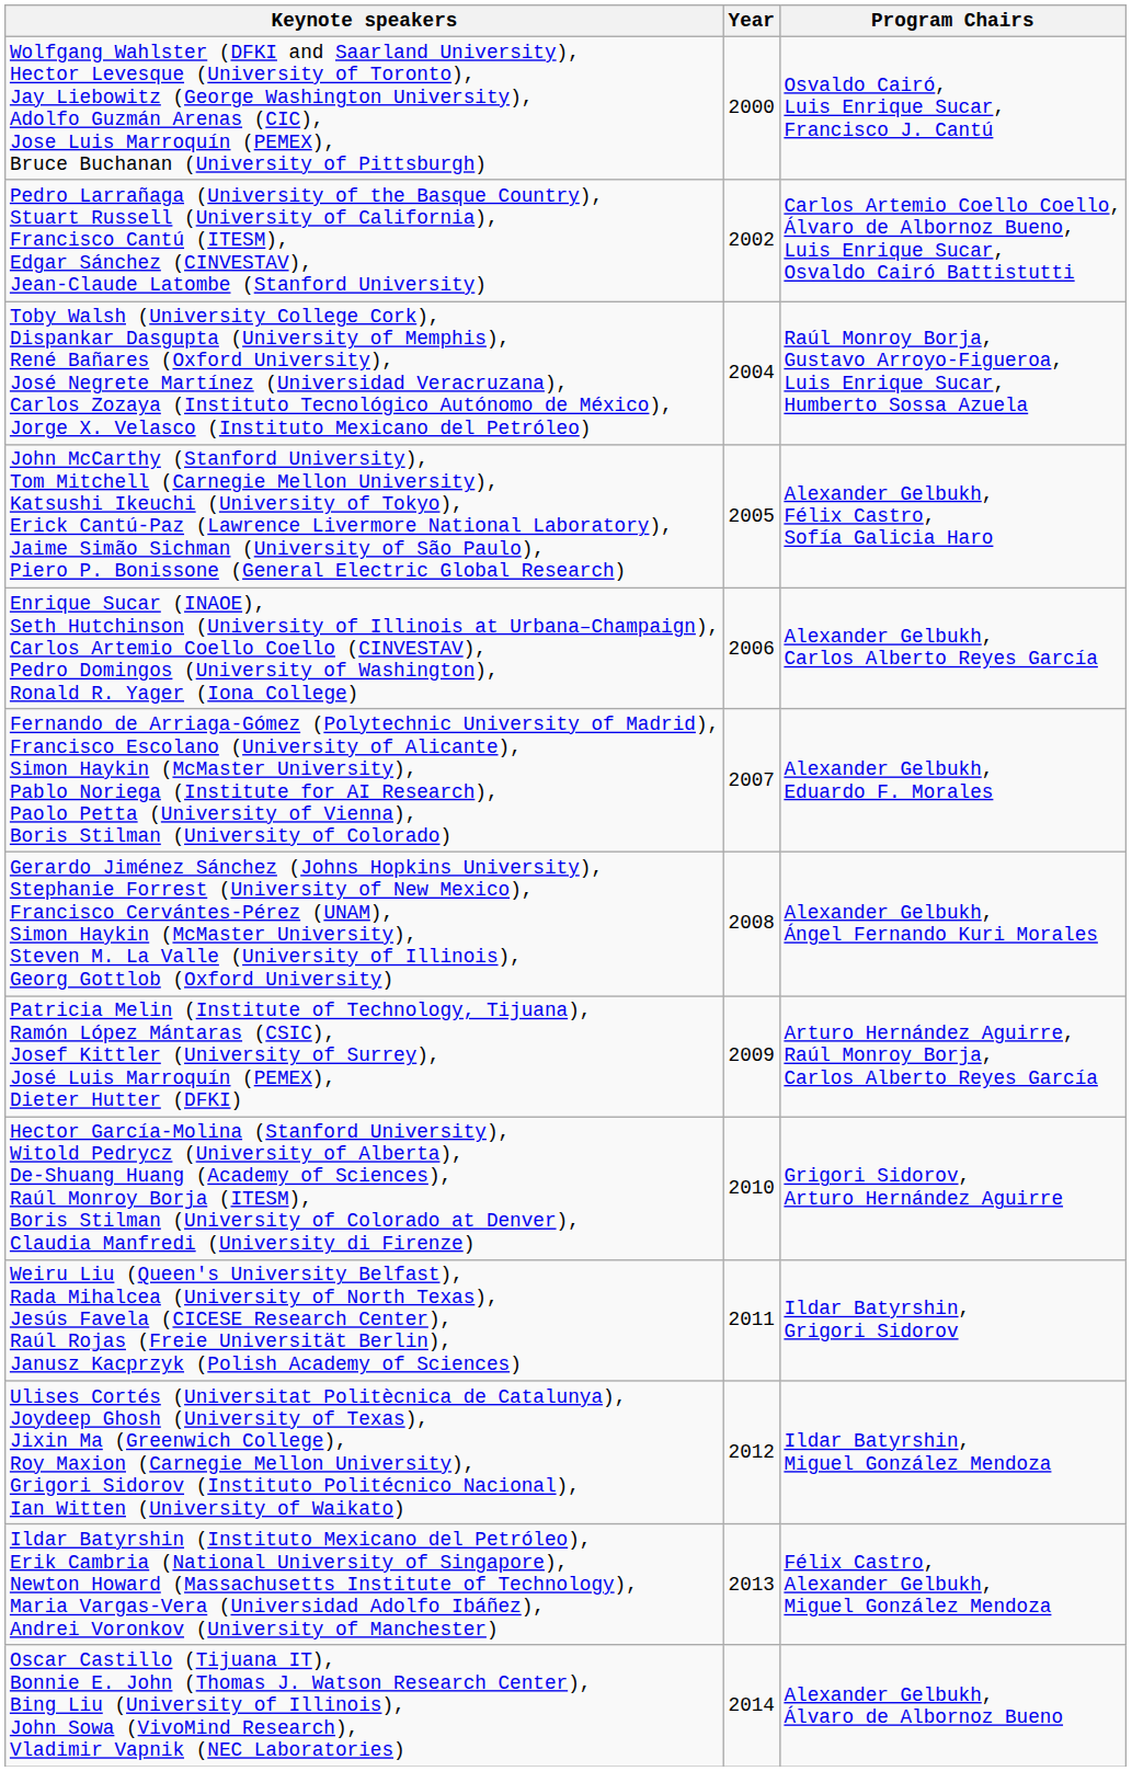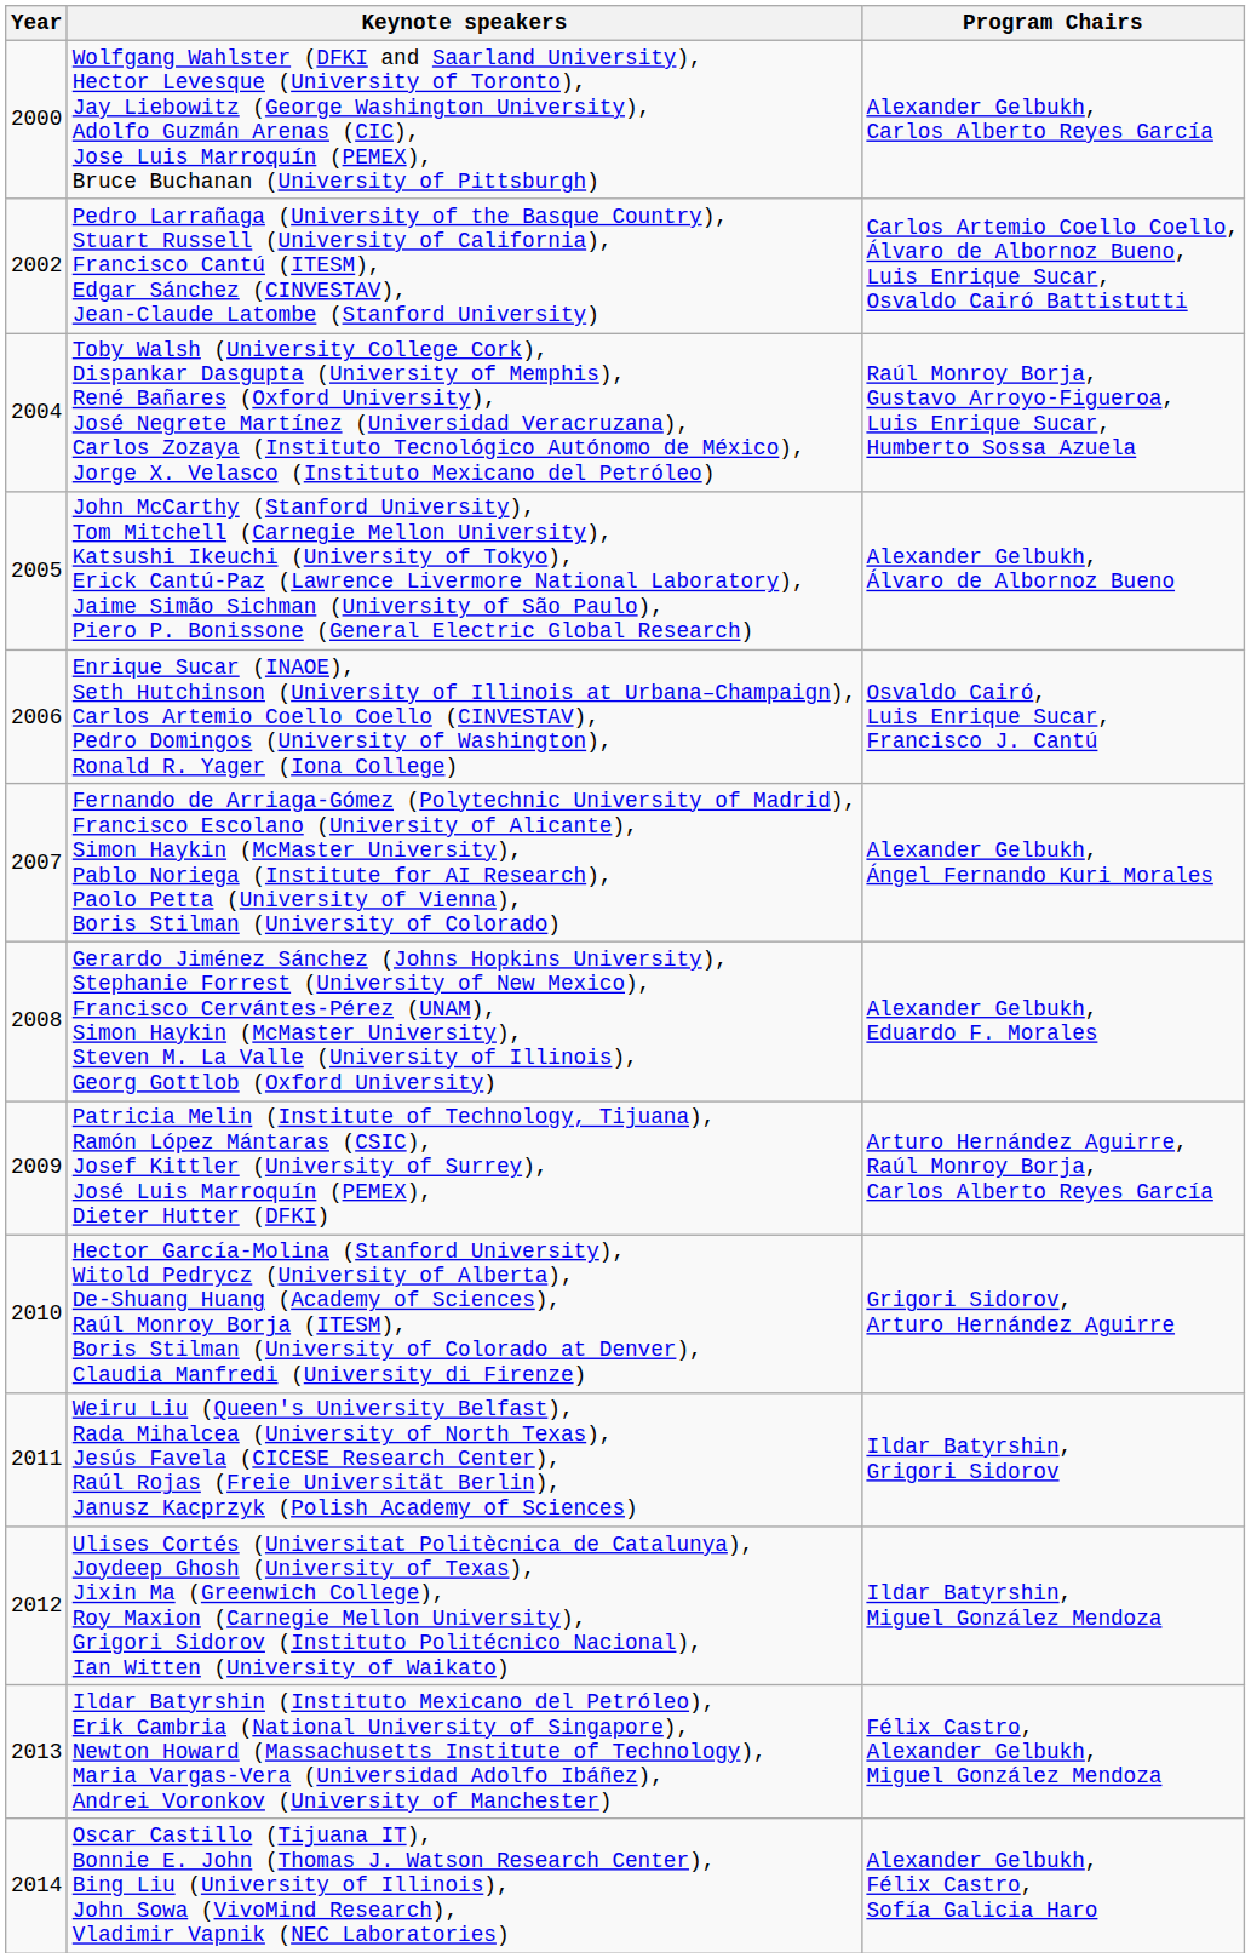 <table class="wikitable">
 <tr>
+<th>Year</th>
 <th>Keynote speakers</th>
-<th>Year</th>
 <th>Program Chairs</th>
 </tr>
 <tr>
+<td>2000</td>
 <td><a href='#'>Wolfgang Wahlster</a> (<a href='#'>DFKI</a> and <a href='#'>Saarland University</a>),<br><a href='#'>Hector Levesque</a> (<a href='#'>University of Toronto</a>),<br><a href='#'>Jay Liebowitz</a> (<a href='#'>George Washington University</a>),<br><a href='#'>Adolfo Guzmán Arenas</a> (<a href='#'>CIC</a>),<br><a href='#'>Jose Luis Marroquín</a> (<a href='#'>PEMEX</a>),<br>Bruce Buchanan (<a href='#'>University of Pittsburgh</a>)</td>
-<td>2000</td>
+<td><a href='#'>Alexander Gelbukh</a>,<br><a href='#'>Carlos Alberto Reyes García</a></td>
+</tr>
+<tr>
+<td>2002</td>
+<td><a href='#'>Pedro Larrañaga</a> (<a href='#'>University of the Basque Country</a>),<br><a href='#'>Stuart Russell</a> (<a href='#'>University of California</a>),<br><a href='#'>Francisco Cantú</a> (<a href='#'>ITESM</a>),<br><a href='#'>Edgar Sánchez</a> (<a href='#'>CINVESTAV</a>),<br><a href='#'>Jean-Claude Latombe</a> (<a href='#'>Stanford University</a>)</td>
+<td><a href='#'>Carlos Artemio Coello Coello</a>,<br><a href='#'>Álvaro de Albornoz Bueno</a>,<br><a href='#'>Luis Enrique Sucar</a>,<br><a href='#'>Osvaldo Cairó Battistutti</a></td>
+</tr>
+<tr>
+<td>2004</td>
+<td><a href='#'>Toby Walsh</a> (<a href='#'>University College Cork</a>),<br><a href='#'>Dispankar Dasgupta</a> (<a href='#'>University of Memphis</a>),<br><a href='#'>René Bañares</a> (<a href='#'>Oxford University</a>),<br><a href='#'>José Negrete Martínez</a> (<a href='#'>Universidad Veracruzana</a>),<br><a href='#'>Carlos Zozaya</a> (<a href='#'>Instituto Tecnológico Autónomo de México</a>),<br><a href='#'>Jorge X. Velasco</a> (<a href='#'>Instituto Mexicano del Petróleo</a>)</td>
+<td><a href='#'>Raúl Monroy Borja</a>,<br><a href='#'>Gustavo Arroyo-Figueroa</a>,<br><a href='#'>Luis Enrique Sucar</a>,<br><a href='#'>Humberto Sossa Azuela</a></td>
+</tr>
+<tr>
+<td>2005</td>
+<td><a href='#'>John McCarthy</a> (<a href='#'>Stanford University</a>),<br><a href='#'>Tom Mitchell</a> (<a href='#'>Carnegie Mellon University</a>),<br><a href='#'>Katsushi Ikeuchi</a> (<a href='#'>University of Tokyo</a>),<br><a href='#'>Erick Cantú-Paz</a> (<a href='#'>Lawrence Livermore National Laboratory</a>),<br><a href='#'>Jaime Simão Sichman</a> (<a href='#'>University of São Paulo</a>),<br><a href='#'>Piero P. Bonissone</a> (<a href='#'>General Electric Global Research</a>)</td>
+<td><a href='#'>Alexander Gelbukh</a>,<br><a href='#'>Álvaro de Albornoz Bueno</a></td>
+</tr>
+<tr>
+<td>2006</td>
+<td><a href='#'>Enrique Sucar</a> (<a href='#'>INAOE</a>),<br><a href='#'>Seth Hutchinson</a> (<a href='#'>University of Illinois at Urbana–Champaign</a>),<br><a href='#'>Carlos Artemio Coello Coello</a> (<a href='#'>CINVESTAV</a>),<br><a href='#'>Pedro Domingos</a> (<a href='#'>University of Washington</a>),<br><a href='#'>Ronald R. Yager</a> (<a href='#'>Iona College</a>)</td>
 <td><a href='#'>Osvaldo Cairó</a>,<br><a href='#'>Luis Enrique Sucar</a>,<br><a href='#'>Francisco J. Cantú</a></td>
 </tr>
 <tr>
-<td><a href='#'>Pedro Larrañaga</a> (<a href='#'>University of the Basque Country</a>),<br><a href='#'>Stuart Russell</a> (<a href='#'>University of California</a>),<br><a href='#'>Francisco Cantú</a> (<a href='#'>ITESM</a>),<br><a href='#'>Edgar Sánchez</a> (<a href='#'>CINVESTAV</a>),<br><a href='#'>Jean-Claude Latombe</a> (<a href='#'>Stanford University</a>)</td>
-<td>2002</td>
-<td><a href='#'>Carlos Artemio Coello Coello</a>,<br><a href='#'>Álvaro de Albornoz Bueno</a>,<br><a href='#'>Luis Enrique Sucar</a>,<br><a href='#'>Osvaldo Cairó Battistutti</a></td>
+<td>2007</td>
+<td><a href='#'>Fernando de Arriaga-Gómez</a> (<a href='#'>Polytechnic University of Madrid</a>),<br><a href='#'>Francisco Escolano</a> (<a href='#'>University of Alicante</a>),<br><a href='#'>Simon Haykin</a> (<a href='#'>McMaster University</a>),<br><a href='#'>Pablo Noriega</a> (<a href='#'>Institute for AI Research</a>),<br><a href='#'>Paolo Petta</a> (<a href='#'>University of Vienna</a>),<br><a href='#'>Boris Stilman</a> (<a href='#'>University of Colorado</a>)</td>
+<td><a href='#'>Alexander Gelbukh</a>,<br><a href='#'>Ángel Fernando Kuri Morales</a></td>
 </tr>
 <tr>
-<td><a href='#'>Toby Walsh</a> (<a href='#'>University College Cork</a>),<br><a href='#'>Dispankar Dasgupta</a> (<a href='#'>University of Memphis</a>),<br><a href='#'>René Bañares</a> (<a href='#'>Oxford University</a>),<br><a href='#'>José Negrete Martínez</a> (<a href='#'>Universidad Veracruzana</a>),<br><a href='#'>Carlos Zozaya</a> (<a href='#'>Instituto Tecnológico Autónomo de México</a>),<br><a href='#'>Jorge X. Velasco</a> (<a href='#'>Instituto Mexicano del Petróleo</a>)</td>
-<td>2004</td>
-<td><a href='#'>Raúl Monroy Borja</a>,<br><a href='#'>Gustavo Arroyo-Figueroa</a>,<br><a href='#'>Luis Enrique Sucar</a>,<br><a href='#'>Humberto Sossa Azuela</a></td>
-</tr>
-<tr>
-<td><a href='#'>John McCarthy</a> (<a href='#'>Stanford University</a>),<br><a href='#'>Tom Mitchell</a> (<a href='#'>Carnegie Mellon University</a>),<br><a href='#'>Katsushi Ikeuchi</a> (<a href='#'>University of Tokyo</a>),<br><a href='#'>Erick Cantú-Paz</a> (<a href='#'>Lawrence Livermore National Laboratory</a>),<br><a href='#'>Jaime Simão Sichman</a> (<a href='#'>University of São Paulo</a>),<br><a href='#'>Piero P. Bonissone</a> (<a href='#'>General Electric Global Research</a>)</td>
-<td>2005</td>
-<td><a href='#'>Alexander Gelbukh</a>,<br><a href='#'>Félix Castro</a>,<br><a href='#'>Sofía Galicia Haro</a></td>
-</tr>
-<tr>
-<td><a href='#'>Enrique Sucar</a> (<a href='#'>INAOE</a>),<br><a href='#'>Seth Hutchinson</a> (<a href='#'>University of Illinois at Urbana–Champaign</a>),<br><a href='#'>Carlos Artemio Coello Coello</a> (<a href='#'>CINVESTAV</a>),<br><a href='#'>Pedro Domingos</a> (<a href='#'>University of Washington</a>),<br><a href='#'>Ronald R. Yager</a> (<a href='#'>Iona College</a>)</td>
-<td>2006</td>
-<td><a href='#'>Alexander Gelbukh</a>,<br><a href='#'>Carlos Alberto Reyes García</a></td>
-</tr>
-<tr>
-<td><a href='#'>Fernando de Arriaga-Gómez</a> (<a href='#'>Polytechnic University of Madrid</a>),<br><a href='#'>Francisco Escolano</a> (<a href='#'>University of Alicante</a>),<br><a href='#'>Simon Haykin</a> (<a href='#'>McMaster University</a>),<br><a href='#'>Pablo Noriega</a> (<a href='#'>Institute for AI Research</a>),<br><a href='#'>Paolo Petta</a> (<a href='#'>University of Vienna</a>),<br><a href='#'>Boris Stilman</a> (<a href='#'>University of Colorado</a>)</td>
-<td>2007</td>
+<td>2008</td>
+<td><a href='#'>Gerardo Jiménez Sánchez</a> (<a href='#'>Johns Hopkins University</a>),<br><a href='#'>Stephanie Forrest</a> (<a href='#'>University of New Mexico</a>),<br><a href='#'>Francisco Cervántes-Pérez</a> (<a href='#'>UNAM</a>),<br><a href='#'>Simon Haykin</a> (<a href='#'>McMaster University</a>),<br><a href='#'>Steven M. La Valle</a> (<a href='#'>University of Illinois</a>),<br><a href='#'>Georg Gottlob</a> (<a href='#'>Oxford University</a>)</td>
 <td><a href='#'>Alexander Gelbukh</a>,<br><a href='#'>Eduardo F. Morales</a></td>
 </tr>
 <tr>
-<td><a href='#'>Gerardo Jiménez Sánchez</a> (<a href='#'>Johns Hopkins University</a>),<br><a href='#'>Stephanie Forrest</a> (<a href='#'>University of New Mexico</a>),<br><a href='#'>Francisco Cervántes-Pérez</a> (<a href='#'>UNAM</a>),<br><a href='#'>Simon Haykin</a> (<a href='#'>McMaster University</a>),<br><a href='#'>Steven M. La Valle</a> (<a href='#'>University of Illinois</a>),<br><a href='#'>Georg Gottlob</a> (<a href='#'>Oxford University</a>)</td>
-<td>2008</td>
-<td><a href='#'>Alexander Gelbukh</a>,<br><a href='#'>Ángel Fernando Kuri Morales</a></td>
-</tr>
-<tr>
+<td>2009</td>
 <td><a href='#'>Patricia Melin</a> (<a href='#'>Institute of Technology, Tijuana</a>),<br><a href='#'>Ramón López Mántaras</a> (<a href='#'>CSIC</a>),<br><a href='#'>Josef Kittler</a> (<a href='#'>University of Surrey</a>),<br><a href='#'>José Luis Marroquín</a> (<a href='#'>PEMEX</a>),<br><a href='#'>Dieter Hutter</a> (<a href='#'>DFKI</a>)</td>
-<td>2009</td>
 <td><a href='#'>Arturo Hernández Aguirre</a>,<br><a href='#'>Raúl Monroy Borja</a>,<br><a href='#'>Carlos Alberto Reyes García</a></td>
 </tr>
 <tr>
+<td>2010</td>
 <td><a href='#'>Hector García-Molina</a> (<a href='#'>Stanford University</a>),<br><a href='#'>Witold Pedrycz</a> (<a href='#'>University of Alberta</a>),<br><a href='#'>De-Shuang Huang</a> (<a href='#'>Academy of Sciences</a>),<br><a href='#'>Raúl Monroy Borja</a> (<a href='#'>ITESM</a>),<br><a href='#'>Boris Stilman</a> (<a href='#'>University of Colorado at Denver</a>),<br><a href='#'>Claudia Manfredi</a> (<a href='#'>University di Firenze</a>)</td>
-<td>2010</td>
 <td><a href='#'>Grigori Sidorov</a>,<br><a href='#'>Arturo Hernández Aguirre</a></td>
 </tr>
 <tr>
+<td>2011</td>
 <td><a href='#'>Weiru Liu</a> (<a href='#'>Queen's University Belfast</a>),<br><a href='#'>Rada Mihalcea</a> (<a href='#'>University of North Texas</a>),<br><a href='#'>Jesús Favela</a> (<a href='#'>CICESE Research Center</a>),<br><a href='#'>Raúl Rojas</a> (<a href='#'>Freie Universität Berlin</a>),<br><a href='#'>Janusz Kacprzyk</a> (<a href='#'>Polish Academy of Sciences</a>)</td>
-<td>2011</td>
 <td><a href='#'>Ildar Batyrshin</a>,<br><a href='#'>Grigori Sidorov</a></td>
 </tr>
 <tr>
+<td>2012</td>
 <td><a href='#'>Ulises Cortés</a> (<a href='#'>Universitat Politècnica de Catalunya</a>),<br><a href='#'>Joydeep Ghosh</a> (<a href='#'>University of Texas</a>),<br><a href='#'>Jixin Ma</a> (<a href='#'>Greenwich College</a>),<br><a href='#'>Roy Maxion</a> (<a href='#'>Carnegie Mellon University</a>),<br><a href='#'>Grigori Sidorov</a> (<a href='#'>Instituto Politécnico Nacional</a>),<br><a href='#'>Ian Witten</a> (<a href='#'>University of Waikato</a>)</td>
-<td>2012</td>
 <td><a href='#'>Ildar Batyrshin</a>,<br><a href='#'>Miguel González Mendoza</a></td>
 </tr>
 <tr>
+<td>2013</td>
 <td><a href='#'>Ildar Batyrshin</a> (<a href='#'>Instituto Mexicano del Petróleo</a>),<br><a href='#'>Erik Cambria</a> (<a href='#'>National University of Singapore</a>),<br><a href='#'>Newton Howard</a> (<a href='#'>Massachusetts Institute of Technology</a>),<br><a href='#'>Maria Vargas-Vera</a> (<a href='#'>Universidad Adolfo Ibáñez</a>),<br><a href='#'>Andrei Voronkov</a> (<a href='#'>University of Manchester</a>)</td>
-<td>2013</td>
 <td><a href='#'>Félix Castro</a>,<br><a href='#'>Alexander Gelbukh</a>,<br><a href='#'>Miguel González Mendoza</a></td>
 </tr>
 <tr>
+<td>2014</td>
 <td><a href='#'>Oscar Castillo</a> (<a href='#'>Tijuana IT</a>),<br><a href='#'>Bonnie E. John</a> (<a href='#'>Thomas J. Watson Research Center</a>),<br><a href='#'>Bing Liu</a> (<a href='#'>University of Illinois</a>),<br><a href='#'>John Sowa</a> (<a href='#'>VivoMind Research</a>),<br><a href='#'>Vladimir Vapnik</a> (<a href='#'>NEC Laboratories</a>)</td>
-<td>2014</td>
-<td><a href='#'>Alexander Gelbukh</a>,<br><a href='#'>Álvaro de Albornoz Bueno</a></td>
+<td><a href='#'>Alexander Gelbukh</a>,<br><a href='#'>Félix Castro</a>,<br><a href='#'>Sofía Galicia Haro</a></td>
 </tr>
 </table>
